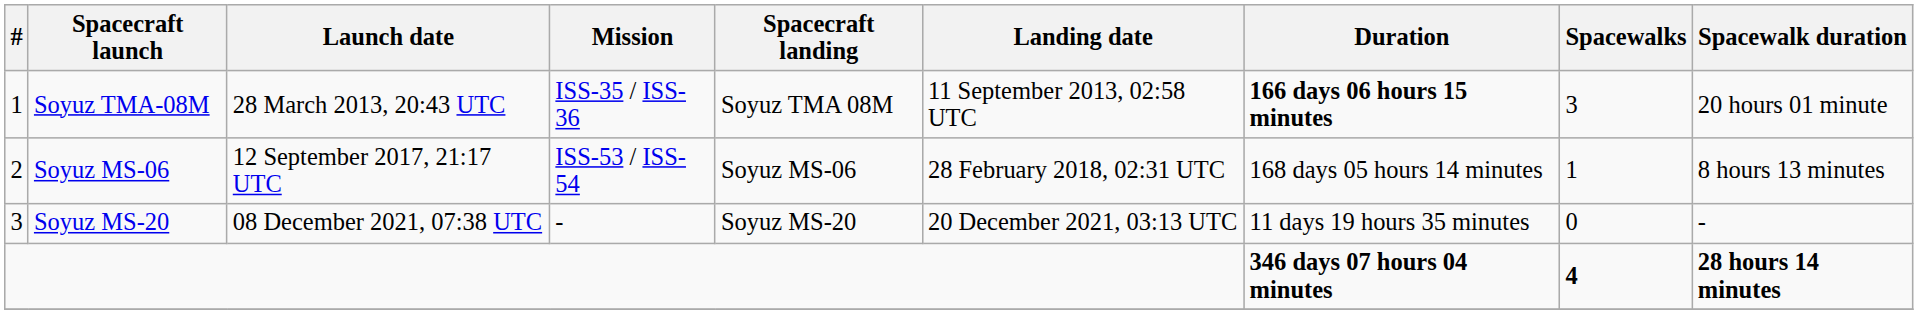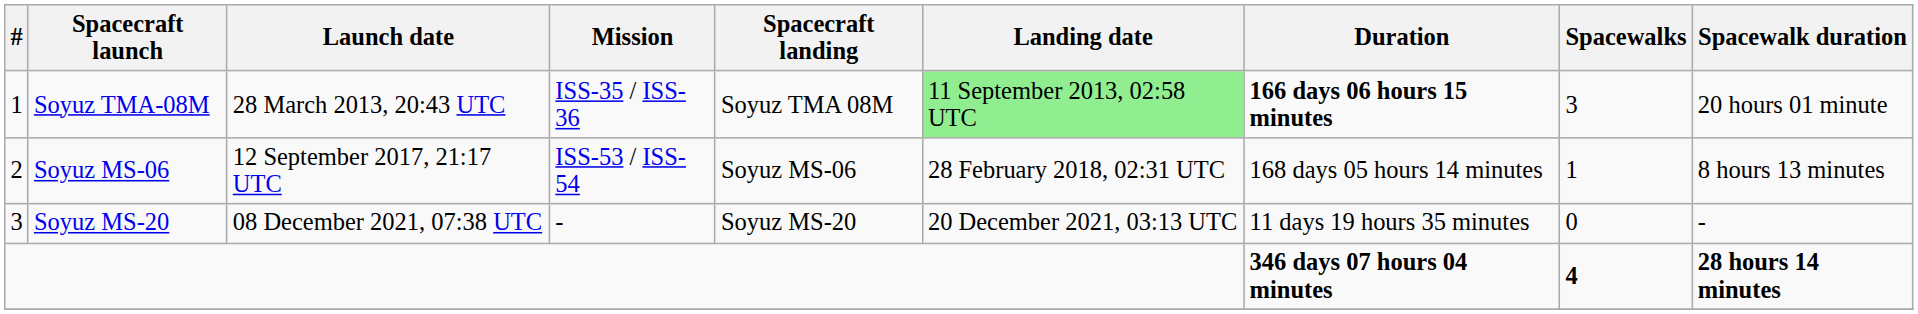 <table class="wikitable">
 <tr>
 <th>#</th>
 <th>Spacecraft launch</th>
 <th>Launch date</th>
 <th>Mission</th>
 <th>Spacecraft landing</th>
 <th>Landing date</th>
 <th>Duration</th>
 <th>Spacewalks</th>
 <th>Spacewalk duration</th>
 </tr>
 <tr>
 <td>1</td>
 <td><a href='#'>Soyuz TMA-08M</a></td>
 <td>28 March 2013, 20:43 <a href='#'>UTC</a></td>
 <td><a href='#'>ISS-35</a> / <a href='#'>ISS-36</a></td>
 <td>Soyuz TMA 08M</td>
-<td>11 September 2013, 02:58 UTC</td>
+<td style="background: lightgreen;">11 September 2013, 02:58 UTC</td>
 <td><strong>166 days 06 hours 15 minutes</strong></td>
 <td>3</td>
 <td>20 hours 01 minute </td>
 </tr>
 <tr>
 <td>2</td>
 <td><a href='#'>Soyuz MS-06</a></td>
 <td>12 September 2017, 21:17 <a href='#'>UTC</a></td>
 <td><a href='#'>ISS-53</a> / <a href='#'>ISS-54</a></td>
 <td>Soyuz MS-06</td>
 <td>28 February 2018, 02:31 UTC</td>
 <td>168 days 05 hours 14 minutes</td>
 <td>1</td>
 <td>8 hours 13 minutes</td>
 </tr>
 <tr>
 <td>3</td>
 <td><a href='#'>Soyuz MS-20</a></td>
 <td>08 December 2021, 07:38 <a href='#'>UTC</a></td>
 <td>-</td>
 <td>Soyuz MS-20</td>
 <td>20 December 2021, 03:13 UTC</td>
 <td>11 days 19 hours 35 minutes</td>
 <td>0</td>
 <td>-</td>
 </tr>
 <tr>
 <td colspan="6"></td>
 <td><strong>346 days 07 hours 04 minutes</strong></td>
 <td><strong>4</strong></td>
 <td><strong>28 hours 14 minutes</strong></td>
 </tr>
 <tr>
 </tr>
 </table>
